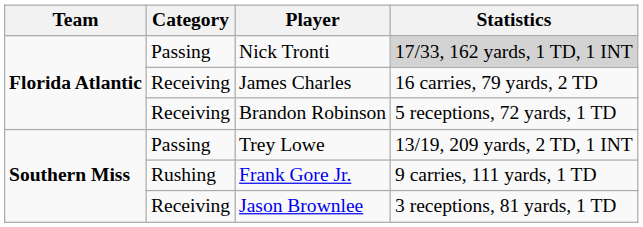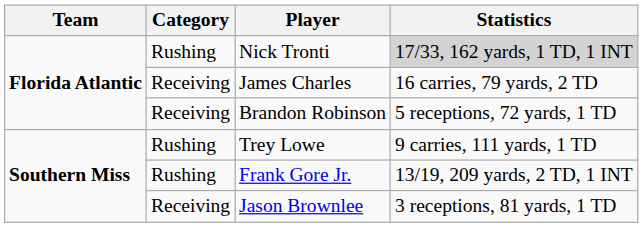 <table class="wikitable" style="float: left;">
 <tr>
 <th>Team</th>
 <th>Category</th>
 <th>Player</th>
 <th>Statistics</th>
 </tr>
 <tr>
 <td rowspan=3><strong>Florida Atlantic</strong></td>
-<td>Passing</td>
+<td>Rushing</td>
 <td>Nick Tronti</td>
 <td style="background: lightgrey;">17/33, 162 yards, 1 TD, 1 INT</td>
 </tr>
 <tr>
 <td>Receiving</td>
 <td>James Charles</td>
 <td>16 carries, 79 yards, 2 TD</td>
 </tr>
 <tr>
 <td>Receiving</td>
 <td>Brandon Robinson</td>
 <td>5 receptions, 72 yards, 1 TD</td>
 </tr>
 <tr>
 <td rowspan=3><strong>Southern Miss</strong></td>
-<td>Passing</td>
+<td>Rushing</td>
 <td>Trey Lowe</td>
-<td>13/19, 209 yards, 2 TD, 1 INT</td>
+<td>9 carries, 111 yards, 1 TD</td>
 </tr>
 <tr>
 <td>Rushing</td>
 <td><a href='#'>Frank Gore Jr.</a></td>
-<td>9 carries, 111 yards, 1 TD</td>
+<td>13/19, 209 yards, 2 TD, 1 INT</td>
 </tr>
 <tr>
 <td>Receiving</td>
 <td><a href='#'>Jason Brownlee</a></td>
 <td>3 receptions, 81 yards, 1 TD</td>
 </tr>
 </table>
